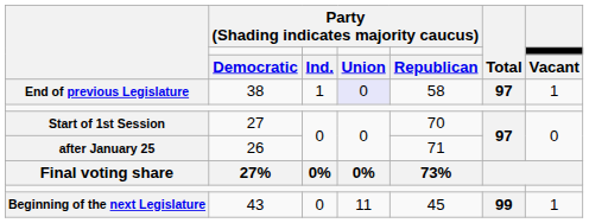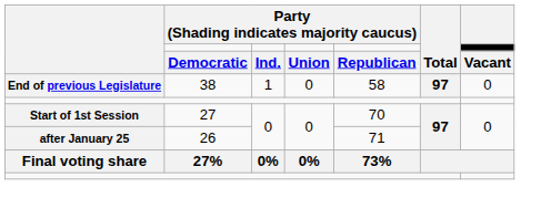 <table class=wikitable style="text-align:center">
 <tr style="vertical-align:bottom;">
 <th rowspan=3></th>
 <th colspan=4>Party <div>(Shading indicates majority caucus)</div></th>
 <th rowspan=3>Total</th>
 <th></th>
 </tr>
 <tr style="height:5px">
 <td style="background-color:"></td>
 <td style="background-color:"></td>
 <td style="background-color:"></td>
 <td style="background-color:"></td>
 <td style="background:black;"></td>
 </tr>
 <tr>
 <th><a href='#'>Democratic</a></th>
 <th><a href='#'>Ind.</a></th>
 <th><a href='#'>Union</a></th>
 <th><a href='#'>Republican</a></th>
 <th>Vacant</th>
 </tr>
 <tr>
 <th style="font-size:80%;">End of <a href='#'>previous Legislature</a></th>
 <td>38</td>
 <td>1</td>
-<td style="background: lavender;">0</td>
+<td>0</td>
 <td>58</td>
 <th>97</th>
-<td>1</td>
+<td>0</td>
 </tr>
 <tr>
 <td colspan=6></td>
 </tr>
 <tr>
 <th style="font-size:80%;">Start of 1st Session</th>
 <td>27</td>
 <td rowspan="2">0</td>
 <td rowspan="2">0</td>
 <td>70</td>
 <th rowspan="2">97</th>
 <td rowspan="2">0</td>
 </tr>
 <tr>
 <th style="font-size:80%;">after January 25</th>
 <td>26</td>
 <td>71</td>
 </tr>
 <tr>
 <th>Final voting share</th>
 <th>27%</th>
 <th>0%</th>
 <th>0%</th>
 <th>73%</th>
 <th colspan=2></th>
 </tr>
 <tr>
 <td colspan=6></td>
 </tr>
-<tr>
-<th style="font-size:80%;">Beginning of the <a href='#'>next Legislature</a></th>
-<td>43</td>
-<td>0</td>
-<td>11</td>
-<td>45</td>
-<th>99</th>
-<td>1</td>
-</tr>
 </table>
